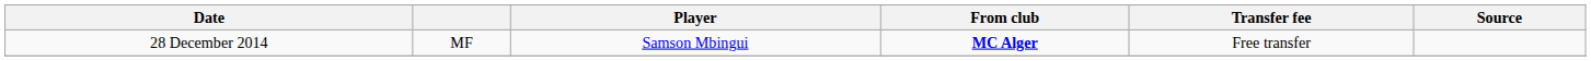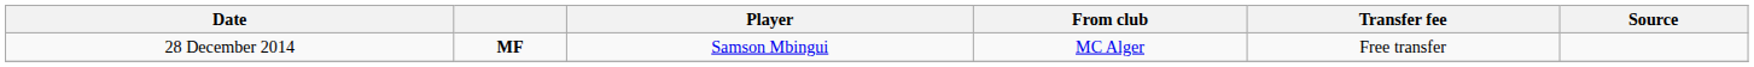 <table class="wikitable sortable" style="width:70%; text-align:center; font-size:85%; text-align:centre;">
 <tr>
 <th>Date</th>
 <th></th>
 <th>Player</th>
 <th>From club</th>
 <th>Transfer fee</th>
 <th>Source</th>
 </tr>
 <tr>
 <td>28 December 2014</td>
-<td>MF</td>
+<td><strong>MF</strong></td>
 <td> <a href='#'>Samson Mbingui</a></td>
-<td><strong><a href='#'>MC Alger</a></strong></td>
+<td><a href='#'>MC Alger</a></td>
 <td>Free transfer</td>
 <td></td>
 </tr>
 <tr>
 </tr>
 </table>
